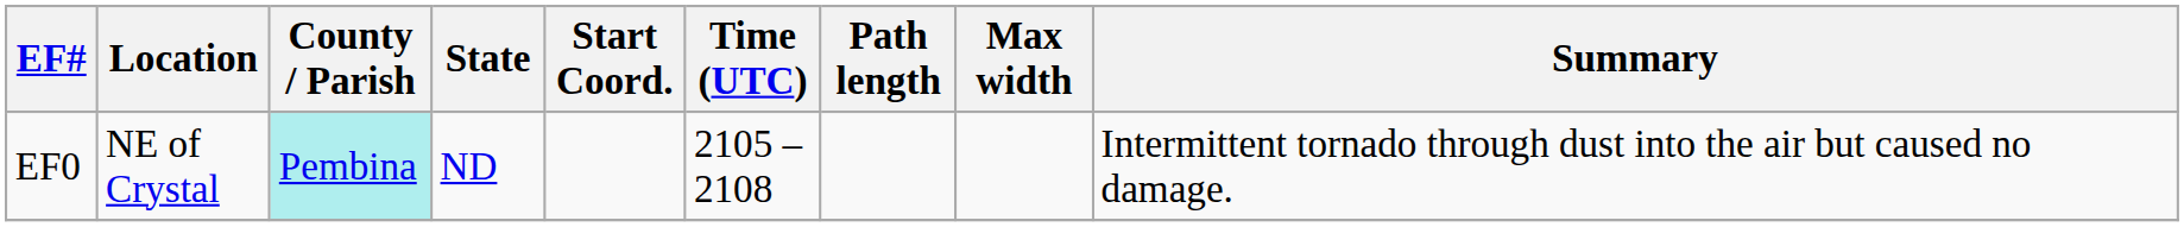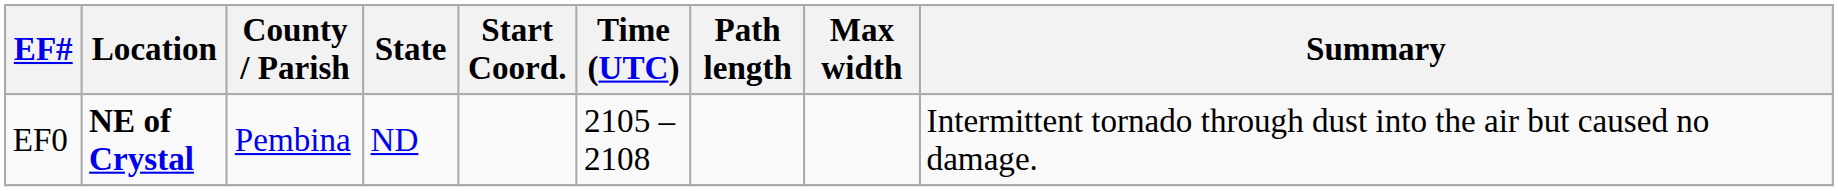 <table class="wikitable sortable" style="width:100%;">
 <tr>
 <th scope="col" width="3%" align="center"><a href='#'>EF#</a></th>
 <th scope="col" width="7%" align="center" class="unsortable">Location</th>
 <th scope="col" width="6%" align="center" class="unsortable">County / Parish</th>
 <th scope="col" width="5%" align="center">State</th>
 <th scope="col" width="6%" align="center">Start Coord.</th>
 <th scope="col" width="6%" align="center">Time (<a href='#'>UTC</a>)</th>
 <th scope="col" width="6%" align="center">Path length</th>
 <th scope="col" width="6%" align="center">Max width</th>
 <th scope="col" width="48%" class="unsortable" align="center">Summary</th>
 </tr>
 <tr>
 <td>EF0</td>
-<td>NE of <a href='#'>Crystal</a></td>
-<td style="background: paleturquoise;"><a href='#'>Pembina</a></td>
+<td><strong>NE of <a href='#'>Crystal</a></strong></td>
+<td><a href='#'>Pembina</a></td>
 <td><a href='#'>ND</a></td>
 <td></td>
 <td>2105 – 2108</td>
 <td></td>
 <td></td>
 <td>Intermittent tornado through dust into the air but caused no damage.</td>
 </tr>
 <tr>
 </tr>
 </table>
